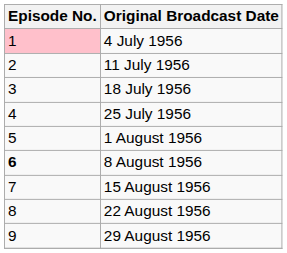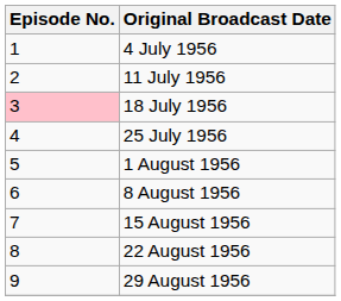 <table class="wikitable">
 <tr>
 <th>Episode No.</th>
 <th>Original Broadcast Date</th>
 </tr>
 <tr>
-<td style="background: pink;">1</td>
+<td>1</td>
 <td>4 July 1956</td>
 </tr>
 <tr>
 <td>2</td>
 <td>11 July 1956</td>
 </tr>
 <tr>
-<td>3</td>
+<td style="background: pink;">3</td>
 <td>18 July 1956</td>
 </tr>
 <tr>
 <td>4</td>
 <td>25 July 1956</td>
 </tr>
 <tr>
 <td>5</td>
 <td>1 August 1956</td>
 </tr>
 <tr>
-<td><strong>6</strong></td>
+<td>6</td>
 <td>8 August 1956</td>
 </tr>
 <tr>
 <td>7</td>
 <td>15 August 1956</td>
 </tr>
 <tr>
 <td>8</td>
 <td>22 August 1956</td>
 </tr>
 <tr>
 <td>9</td>
 <td>29 August 1956</td>
 </tr>
 <tr>
 </tr>
 </table>
